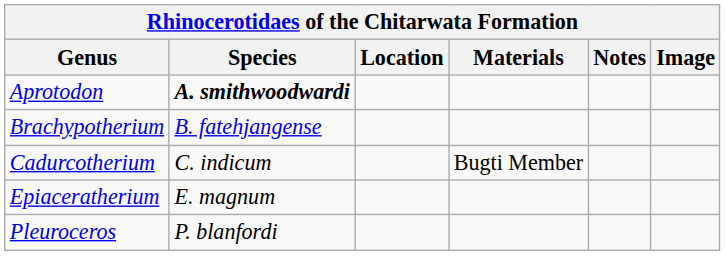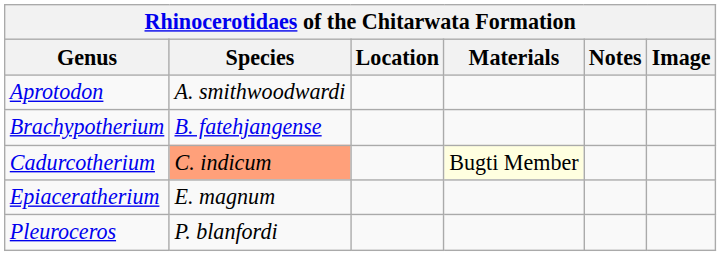 <table class="wikitable">
 <tr>
 <th colspan="7" align="center"><strong><a href='#'>Rhinocerotidaes</a> of the Chitarwata Formation</strong></th>
 </tr>
 <tr>
 <th>Genus</th>
 <th>Species</th>
 <th>Location</th>
 <th>Materials</th>
 <th>Notes</th>
 <th>Image</th>
 </tr>
 <tr>
 <td><em><a href='#'>Aprotodon</a></em></td>
-<td><strong><em>A. smithwoodwardi</em></strong></td>
+<td><em>A. smithwoodwardi</em></td>
 <td></td>
 <td></td>
 <td></td>
 <td></td>
 </tr>
 <tr>
 <td><em><a href='#'>Brachypotherium</a></em></td>
 <td><em><a href='#'>B. fatehjangense</a></em></td>
 <td></td>
 <td></td>
 <td></td>
 <td></td>
 </tr>
 <tr>
 <td><em><a href='#'>Cadurcotherium</a></em></td>
-<td><em>C. indicum</em></td>
+<td style="background: lightsalmon;"><em>C. indicum</em></td>
 <td></td>
-<td>Bugti Member</td>
+<td style="background: lightyellow;">Bugti Member</td>
 <td></td>
 <td></td>
 </tr>
 <tr>
 <td><em><a href='#'>Epiaceratherium</a></em></td>
 <td><em>E. magnum</em></td>
 <td></td>
 <td></td>
 <td></td>
 <td></td>
 </tr>
 <tr>
 <td><em><a href='#'>Pleuroceros</a></em></td>
 <td><em>P. blanfordi</em></td>
 <td></td>
 <td></td>
 <td></td>
 <td></td>
 </tr>
 </table>
